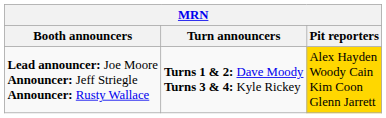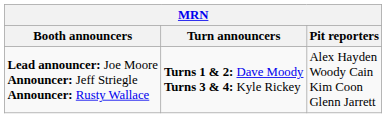 <table class="wikitable" style="font-size: 95%">
 <tr>
 <th colspan="3"><a href='#'>MRN</a></th>
 </tr>
 <tr>
 <th>Booth announcers</th>
 <th>Turn announcers</th>
 <th>Pit reporters</th>
 </tr>
 <tr>
 <td><strong>Lead announcer:</strong> Joe Moore<br><strong>Announcer:</strong> Jeff Striegle<br><strong>Announcer:</strong> <a href='#'>Rusty Wallace</a></td>
 <td><strong>Turns 1 & 2:</strong> <a href='#'>Dave Moody</a><br><strong>Turns 3 & 4:</strong> Kyle Rickey</td>
-<td style="background: gold;">Alex Hayden<br>Woody Cain<br>Kim Coon<br>Glenn Jarrett</td>
+<td>Alex Hayden<br>Woody Cain<br>Kim Coon<br>Glenn Jarrett</td>
 </tr>
 </table>
